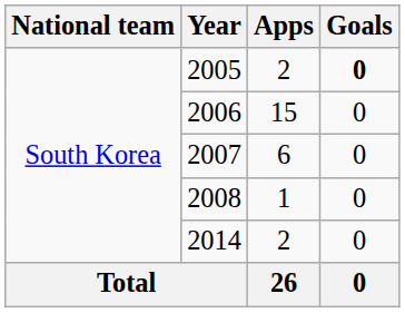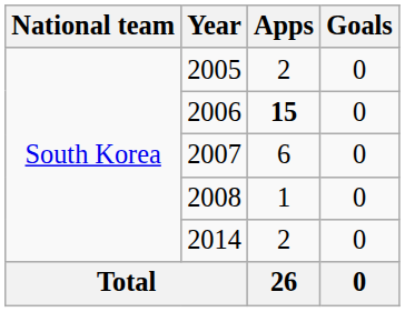 <table class="wikitable" style="text-align:center">
 <tr>
 <th>National team</th>
 <th>Year</th>
 <th>Apps</th>
 <th>Goals</th>
 </tr>
 <tr>
 <td rowspan="5" valign="center"><a href='#'>South Korea</a></td>
 <td>2005</td>
 <td>2</td>
-<td><strong>0</strong></td>
+<td>0</td>
 </tr>
 <tr>
 <td>2006</td>
-<td>15</td>
+<td><strong>15</strong></td>
 <td>0</td>
 </tr>
 <tr>
 <td>2007</td>
 <td>6</td>
 <td>0</td>
 </tr>
 <tr>
 <td>2008</td>
 <td>1</td>
 <td>0</td>
 </tr>
 <tr>
 <td>2014</td>
 <td>2</td>
 <td>0</td>
 </tr>
 <tr>
 <th colspan="2">Total</th>
 <th>26</th>
 <th>0</th>
 </tr>
 </table>
